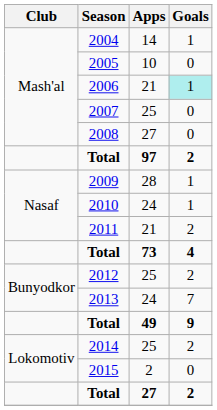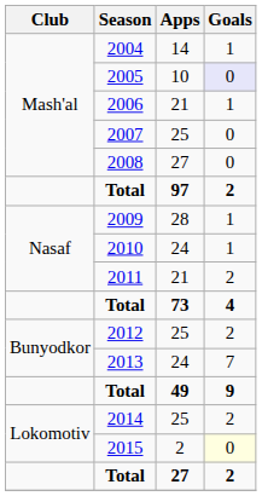 <table class="wikitable" style="font-size:100%; text-align: center">
 <tr>
 <th rowspan=1>Club</th>
 <th rowspan=1>Season</th>
 <th colspan=1>Apps</th>
 <th colspan=1>Goals</th>
 </tr>
 <tr>
 <td rowspan=5>Mash'al</td>
 <td><a href='#'>2004</a></td>
 <td>14</td>
 <td>1</td>
 </tr>
 <tr>
 <td><a href='#'>2005</a></td>
 <td>10</td>
-<td>0</td>
+<td style="background: lavender;">0</td>
 </tr>
 <tr>
 <td><a href='#'>2006</a></td>
 <td>21</td>
-<td style="background: paleturquoise;">1</td>
+<td>1</td>
 </tr>
 <tr>
 <td><a href='#'>2007</a></td>
 <td>25</td>
 <td>0</td>
 </tr>
 <tr>
 <td><a href='#'>2008</a></td>
 <td>27</td>
 <td>0</td>
 </tr>
 <tr>
 <td></td>
 <td><strong>Total</strong></td>
 <td><strong>97</strong></td>
 <td><strong>2</strong></td>
 </tr>
 <tr>
 <td rowspan=3>Nasaf</td>
 <td><a href='#'>2009</a></td>
 <td>28</td>
 <td>1</td>
 </tr>
 <tr>
 <td><a href='#'>2010</a></td>
 <td>24</td>
 <td>1</td>
 </tr>
 <tr>
 <td><a href='#'>2011</a></td>
 <td>21</td>
 <td>2</td>
 </tr>
 <tr>
 <td></td>
 <td><strong>Total</strong></td>
 <td><strong>73</strong></td>
 <td><strong>4</strong></td>
 </tr>
 <tr>
 <td rowspan=2>Bunyodkor</td>
 <td><a href='#'>2012</a></td>
 <td>25</td>
 <td>2</td>
 </tr>
 <tr>
 <td><a href='#'>2013</a></td>
 <td>24</td>
 <td>7</td>
 </tr>
 <tr>
 <td></td>
 <td><strong>Total</strong></td>
 <td><strong>49</strong></td>
 <td><strong>9</strong></td>
 </tr>
 <tr>
 <td rowspan=2>Lokomotiv</td>
 <td><a href='#'>2014</a></td>
 <td>25</td>
 <td>2</td>
 </tr>
 <tr>
 <td><a href='#'>2015</a></td>
 <td>2</td>
-<td>0</td>
+<td style="background: lightyellow;">0</td>
 </tr>
 <tr>
 <td></td>
 <td><strong>Total</strong></td>
 <td><strong>27</strong></td>
 <td><strong>2</strong></td>
 </tr>
 <tr>
 </tr>
 </table>
